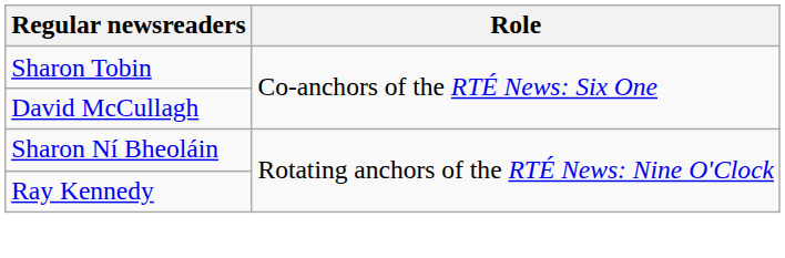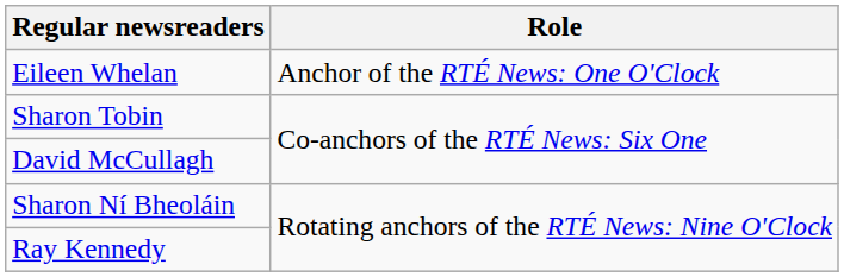 <table class="wikitable">
 <tr>
 <th>Regular newsreaders</th>
 <th>Role</th>
+</tr>
+<tr>
+<td><a href='#'>Eileen Whelan</a></td>
+<td>Anchor of the <em><a href='#'>RTÉ News: One O'Clock</a></em></td>
 </tr>
 <tr>
 <td><a href='#'>Sharon Tobin</a></td>
 <td rowspan=2>Co-anchors of the <em><a href='#'>RTÉ News: Six One</a></em></td>
 </tr>
 <tr>
 <td><a href='#'>David McCullagh</a></td>
 </tr>
 <tr>
 <td><a href='#'>Sharon Ní Bheoláin</a></td>
 <td rowspan=2>Rotating anchors of the <em><a href='#'>RTÉ News: Nine O'Clock</a></em></td>
 </tr>
 <tr>
 <td><a href='#'>Ray Kennedy</a></td>
 </tr>
 </table>
